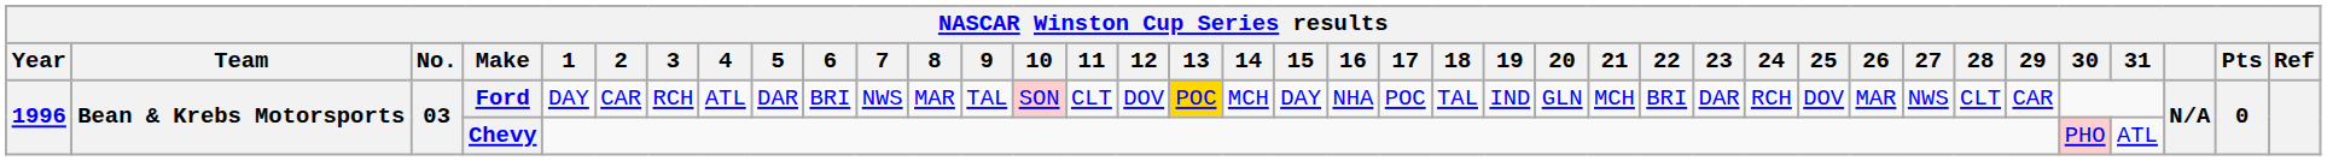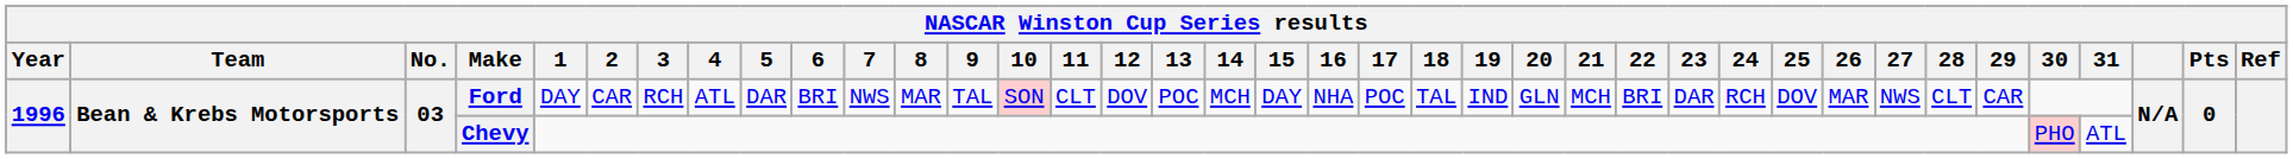 <table class="wikitable" style="text-align:center; font-size:75%">
 <tr>
 <th colspan=45><a href='#'>NASCAR</a> <a href='#'>Winston Cup Series</a> results</th>
 </tr>
 <tr>
 <th>Year</th>
 <th>Team</th>
 <th>No.</th>
 <th>Make</th>
 <th>1</th>
 <th>2</th>
 <th>3</th>
 <th>4</th>
 <th>5</th>
 <th>6</th>
 <th>7</th>
 <th>8</th>
 <th>9</th>
 <th>10</th>
 <th>11</th>
 <th>12</th>
 <th>13</th>
 <th>14</th>
 <th>15</th>
 <th>16</th>
 <th>17</th>
 <th>18</th>
 <th>19</th>
 <th>20</th>
 <th>21</th>
 <th>22</th>
 <th>23</th>
 <th>24</th>
 <th>25</th>
 <th>26</th>
 <th>27</th>
 <th>28</th>
 <th>29</th>
 <th>30</th>
 <th>31</th>
 <th></th>
 <th>Pts</th>
 <th>Ref</th>
 </tr>
 <tr>
 <th rowspan=2><a href='#'>1996</a></th>
 <th rowspan=2>Bean & Krebs Motorsports</th>
 <th rowspan=2>03</th>
 <th><a href='#'>Ford</a></th>
 <td><a href='#'>DAY</a></td>
 <td><a href='#'>CAR</a></td>
 <td><a href='#'>RCH</a></td>
 <td><a href='#'>ATL</a></td>
 <td><a href='#'>DAR</a></td>
 <td><a href='#'>BRI</a></td>
 <td><a href='#'>NWS</a></td>
 <td><a href='#'>MAR</a></td>
 <td><a href='#'>TAL</a></td>
 <td style="background:#FFCFCF;"><a href='#'>SON</a><br></td>
 <td><a href='#'>CLT</a></td>
 <td><a href='#'>DOV</a></td>
-<td style="background: gold;"><a href='#'>POC</a></td>
+<td><a href='#'>POC</a></td>
 <td><a href='#'>MCH</a></td>
 <td><a href='#'>DAY</a></td>
 <td><a href='#'>NHA</a></td>
 <td><a href='#'>POC</a></td>
 <td><a href='#'>TAL</a></td>
 <td><a href='#'>IND</a></td>
 <td><a href='#'>GLN</a></td>
 <td><a href='#'>MCH</a></td>
 <td><a href='#'>BRI</a></td>
 <td><a href='#'>DAR</a></td>
 <td><a href='#'>RCH</a></td>
 <td><a href='#'>DOV</a></td>
 <td><a href='#'>MAR</a></td>
 <td><a href='#'>NWS</a></td>
 <td><a href='#'>CLT</a></td>
 <td><a href='#'>CAR</a></td>
 <td colspan=2></td>
 <th rowspan=2>N/A</th>
 <th rowspan=2>0</th>
 <th rowspan=2></th>
 </tr>
 <tr>
 <th><a href='#'>Chevy</a></th>
 <td colspan=29></td>
 <td style="background:#FFCFCF;"><a href='#'>PHO</a><br></td>
 <td><a href='#'>ATL</a></td>
 </tr>
 </table>
